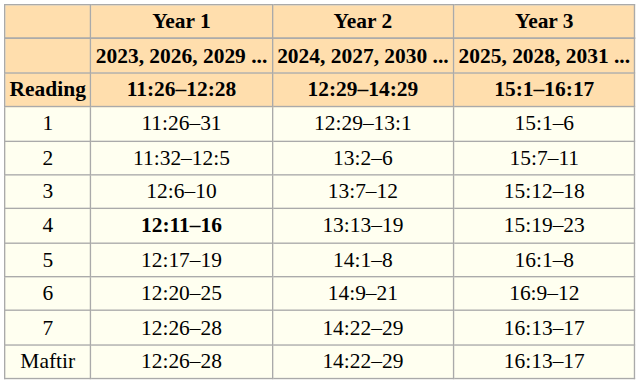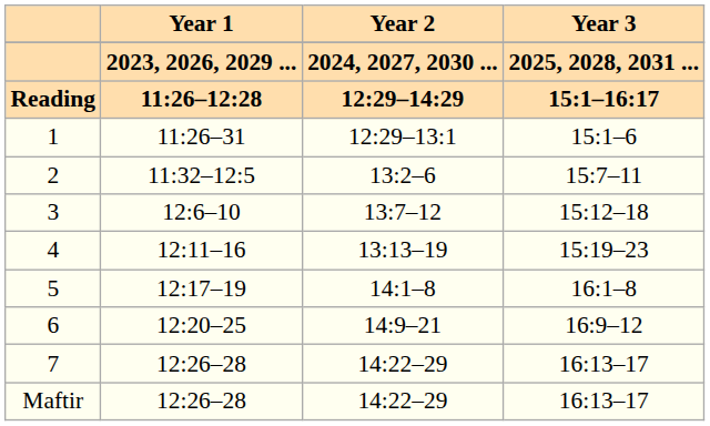 <table class="wikitable" style="background:Ivory; text-align:center">
 <tr>
 <th style="background:Navajowhite;"></th>
 <th style="background:Navajowhite;">Year 1</th>
 <th style="background:Navajowhite;">Year 2</th>
 <th style="background:Navajowhite;">Year 3</th>
 </tr>
 <tr>
 </tr>
 <tr>
 <th style="background:Navajowhite;"></th>
 <th style="background:Navajowhite;">2023, 2026, 2029 ...</th>
 <th style="background:Navajowhite;">2024, 2027, 2030 ...</th>
 <th style="background:Navajowhite;">2025, 2028, 2031 ...</th>
 </tr>
 <tr>
 <th style="background:Navajowhite;">Reading</th>
 <th style="background:Navajowhite;">11:26–12:28</th>
 <th style="background:Navajowhite;">12:29–14:29</th>
 <th style="background:Navajowhite;">15:1–16:17</th>
 </tr>
 <tr>
 <td>1</td>
 <td>11:26–31</td>
 <td>12:29–13:1</td>
 <td>15:1–6</td>
 </tr>
 <tr>
 <td>2</td>
 <td>11:32–12:5</td>
 <td>13:2–6</td>
 <td>15:7–11</td>
 </tr>
 <tr>
 <td>3</td>
 <td>12:6–10</td>
 <td>13:7–12</td>
 <td>15:12–18</td>
 </tr>
 <tr>
 <td>4</td>
-<td><strong>12:11–16</strong></td>
+<td>12:11–16</td>
 <td>13:13–19</td>
 <td>15:19–23</td>
 </tr>
 <tr>
 <td>5</td>
 <td>12:17–19</td>
 <td>14:1–8</td>
 <td>16:1–8</td>
 </tr>
 <tr>
 <td>6</td>
 <td>12:20–25</td>
 <td>14:9–21</td>
 <td>16:9–12</td>
 </tr>
 <tr>
 <td>7</td>
 <td>12:26–28</td>
 <td>14:22–29</td>
 <td>16:13–17</td>
 </tr>
 <tr>
 <td>Maftir</td>
 <td>12:26–28</td>
 <td>14:22–29</td>
 <td>16:13–17</td>
 </tr>
 </table>
